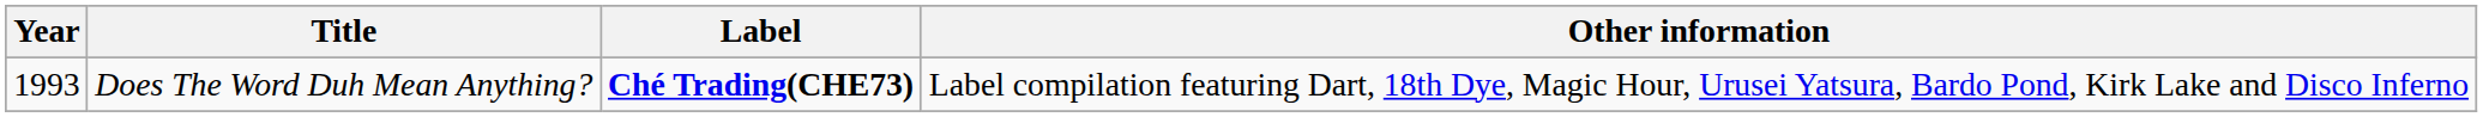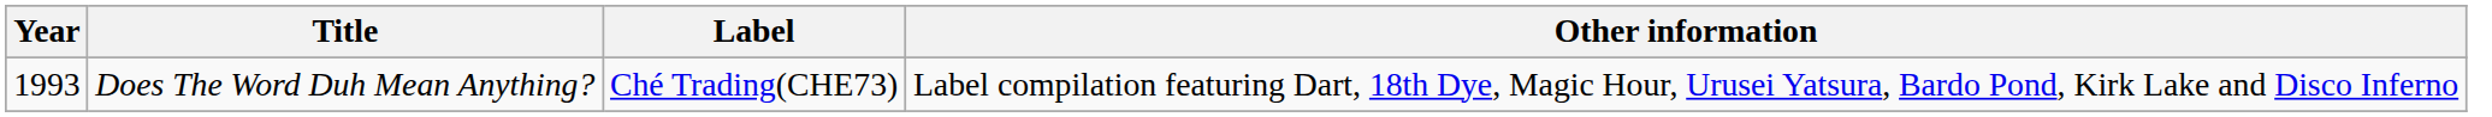 <table class="wikitable">
 <tr>
 <th>Year</th>
 <th>Title</th>
 <th>Label</th>
 <th>Other information</th>
 </tr>
 <tr>
 <td>1993</td>
 <td><em>Does The Word Duh Mean Anything?</em></td>
-<td><strong><a href='#'>Ché Trading</a>(CHE73)</strong></td>
+<td><a href='#'>Ché Trading</a>(CHE73)</td>
 <td>Label compilation featuring Dart, <a href='#'>18th Dye</a>, Magic Hour, <a href='#'>Urusei Yatsura</a>, <a href='#'>Bardo Pond</a>, Kirk Lake and <a href='#'>Disco Inferno</a></td>
 </tr>
 </table>
